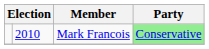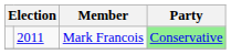 <table class="wikitable">
 <tr>
 <th colspan="2">Election</th>
 <th>Member</th>
 <th>Party</th>
 </tr>
 <tr>
 <td style="color:inherit;background-color: "></td>
-<td><a href='#'>2010</a></td>
+<td><a href='#'>2011</a></td>
 <td><a href='#'>Mark Francois</a></td>
 <td style="background: lightgreen;"><a href='#'>Conservative</a></td>
 </tr>
 <tr>
 </tr>
 </table>
